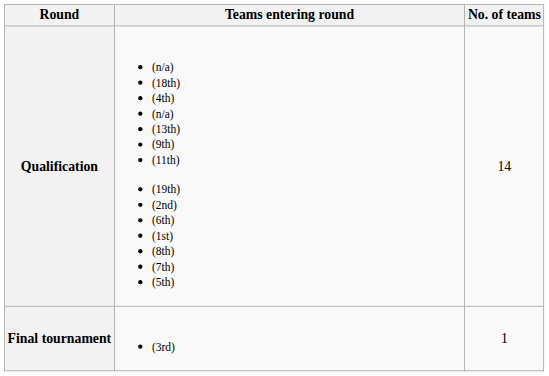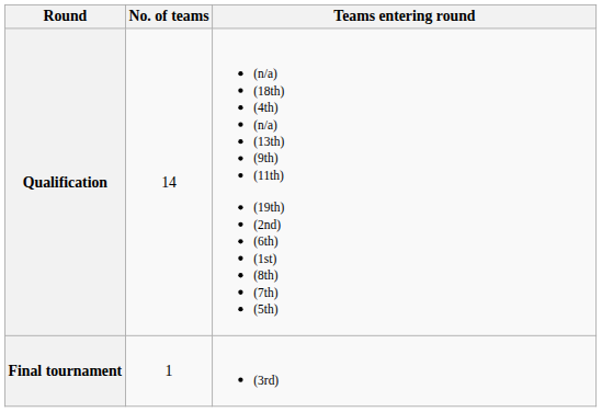 <table class="wikitable">
 <tr>
 <th>Round</th>
+<th>No. of teams</th>
 <th width=400>Teams entering round</th>
-<th>No. of teams</th>
 </tr>
 <tr>
 <th>Qualification</th>
+<td align=center>14</td>
 <td><br> <ul><li> <small>(n/a)</small></li><li> <small>(18th)</small></li><li> <small>(4th)</small></li><li> <small>(n/a)</small></li><li> <small>(13th)</small></li><li> <small>(9th)</small></li><li> <small>(11th)</small></li></ul><ul><li> <small>(19th)</small></li><li> <small>(2nd)</small></li><li> <small>(6th)</small></li><li> <small>(1st)</small></li><li> <small>(8th)</small></li><li> <small>(7th)</small></li><li> <small>(5th)</small></li></ul></td>
-<td align=center>14</td>
 </tr>
 <tr>
 <th>Final tournament</th>
+<td align=center>1</td>
 <td><br><ul><li> <small>(3rd)</small></li></ul></td>
-<td align=center>1</td>
 </tr>
 </table>
